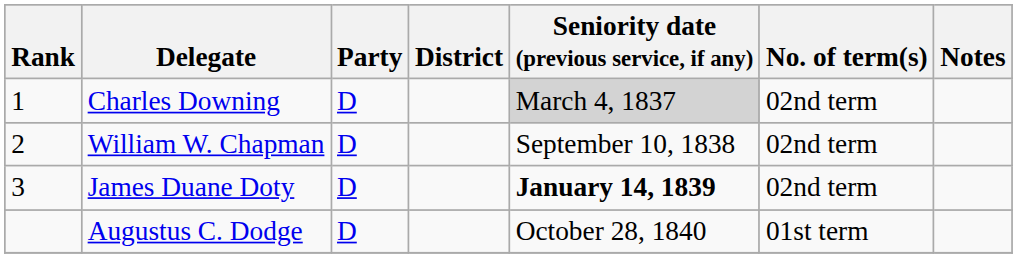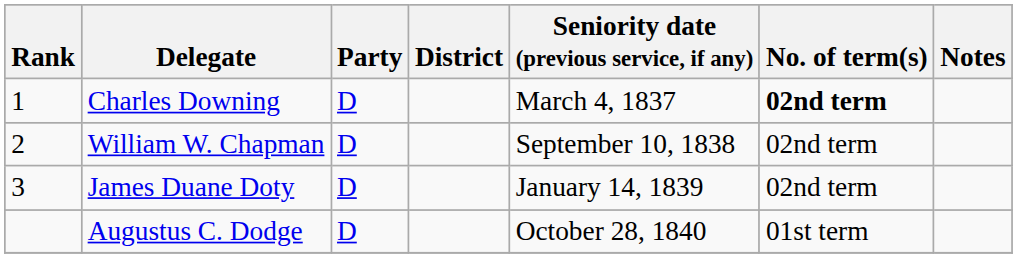 <table class="wikitable sortable">
 <tr valign=bottom>
 <th>Rank</th>
 <th>Delegate</th>
 <th>Party</th>
 <th>District</th>
 <th>Seniority date<br><small>(previous service, if any)</small><br></th>
 <th>No. of term(s)</th>
 <th>Notes</th>
 </tr>
 <tr>
 <td>1</td>
 <td><a href='#'>Charles Downing</a></td>
 <td><a href='#'>D</a></td>
 <td></td>
-<td style="background: lightgrey;">March 4, 1837</td>
-<td>02nd term</td>
+<td>March 4, 1837</td>
+<td><strong>02nd term</strong></td>
 <td></td>
 </tr>
 <tr>
 <td>2</td>
 <td><a href='#'>William W. Chapman</a></td>
 <td><a href='#'>D</a></td>
 <td></td>
 <td>September 10, 1838</td>
 <td>02nd term</td>
 <td></td>
 </tr>
 <tr>
 <td>3</td>
 <td><a href='#'>James Duane Doty</a></td>
 <td><a href='#'>D</a></td>
 <td></td>
-<td><strong>January 14, 1839</strong></td>
+<td>January 14, 1839</td>
 <td>02nd term</td>
 <td></td>
 </tr>
 <tr>
 <td></td>
 <td><a href='#'>Augustus C. Dodge</a></td>
 <td><a href='#'>D</a></td>
 <td></td>
 <td>October 28, 1840</td>
 <td>01st term</td>
 <td></td>
 </tr>
 <tr>
 </tr>
 </table>
